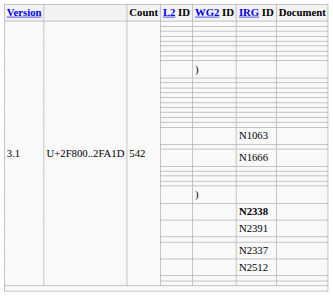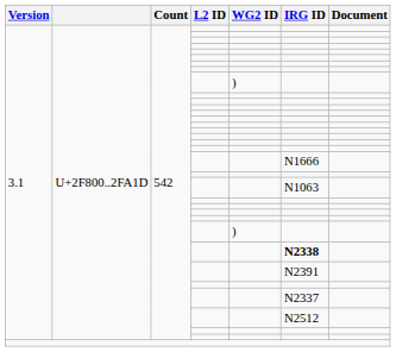 <table class="wikitable collapsible sticky-header">
 <tr>
 <th><a href='#'>Version</a></th>
 <th></th>
 <th>Count</th>
 <th><a href='#'>L2</a> ID</th>
 <th><a href='#'>WG2</a> ID</th>
 <th><a href='#'>IRG</a> ID</th>
 <th>Document</th>
 </tr>
 <tr>
 <td rowspan="34">3.1</td>
 <td rowspan="34">U+2F800..2FA1D</td>
 <td rowspan="34">542</td>
 <td></td>
 <td></td>
 <td></td>
 <td></td>
 </tr>
 <tr>
 <td></td>
 <td></td>
 <td></td>
 <td></td>
 </tr>
 <tr>
 <td></td>
 <td></td>
 <td></td>
 <td></td>
 </tr>
 <tr>
 <td></td>
 <td></td>
 <td></td>
 <td></td>
 </tr>
 <tr>
 <td></td>
 <td></td>
 <td></td>
 <td></td>
 </tr>
 <tr>
 <td></td>
 <td></td>
 <td></td>
 <td></td>
 </tr>
 <tr>
 <td></td>
 <td></td>
 <td></td>
 <td></td>
 </tr>
 <tr>
 <td></td>
 <td></td>
 <td></td>
 <td></td>
 </tr>
 <tr>
 <td></td>
 <td> )</td>
 <td></td>
 <td></td>
 </tr>
 <tr>
 <td></td>
 <td></td>
 <td></td>
 <td></td>
 </tr>
 <tr>
 <td></td>
 <td></td>
 <td></td>
 <td></td>
 </tr>
 <tr>
 <td></td>
 <td></td>
 <td></td>
 <td></td>
 </tr>
 <tr>
 <td></td>
 <td></td>
 <td></td>
 <td></td>
 </tr>
 <tr>
 <td></td>
 <td></td>
 <td></td>
 <td></td>
 </tr>
 <tr>
 <td></td>
 <td></td>
 <td></td>
 <td></td>
 </tr>
 <tr>
 <td></td>
 <td></td>
 <td></td>
 <td></td>
 </tr>
 <tr>
 <td></td>
 <td></td>
 <td></td>
 <td></td>
 </tr>
 <tr>
 <td></td>
 <td></td>
 <td></td>
 <td></td>
 </tr>
 <tr>
 <td></td>
 <td></td>
 <td></td>
 <td></td>
 </tr>
 <tr>
 <td></td>
 <td></td>
-<td>N1063</td>
+<td>N1666</td>
 <td></td>
 </tr>
 <tr>
 <td></td>
 <td></td>
 <td></td>
 <td></td>
 </tr>
 <tr>
 <td></td>
 <td></td>
-<td>N1666</td>
+<td>N1063</td>
 <td></td>
 </tr>
 <tr>
 <td></td>
 <td></td>
 <td></td>
 <td></td>
 </tr>
 <tr>
 <td></td>
 <td></td>
 <td></td>
 <td></td>
 </tr>
 <tr>
 <td></td>
 <td></td>
 <td></td>
 <td></td>
 </tr>
 <tr>
 <td></td>
 <td></td>
 <td></td>
 <td></td>
 </tr>
 <tr>
 <td></td>
 <td> )</td>
 <td></td>
 <td></td>
 </tr>
 <tr>
 <td></td>
 <td></td>
 <td><strong>N2338</strong></td>
 <td></td>
 </tr>
 <tr>
 <td></td>
 <td></td>
 <td>N2391</td>
 <td></td>
 </tr>
 <tr>
 <td></td>
 <td></td>
 <td></td>
 <td></td>
 </tr>
 <tr>
 <td></td>
 <td></td>
 <td>N2337</td>
 <td></td>
 </tr>
 <tr>
 <td></td>
 <td></td>
 <td>N2512</td>
 <td></td>
 </tr>
 <tr>
 <td></td>
 <td></td>
 <td></td>
 <td></td>
 </tr>
 <tr>
 <td></td>
 <td></td>
 <td></td>
 <td></td>
 </tr>
 <tr class="sortbottom">
 <td colspan="7"></td>
 </tr>
 </table>
